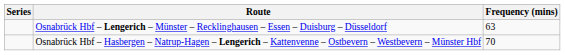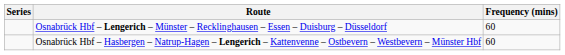 <table class="wikitable vatop">
 <tr>
 <th>Series</th>
 <th>Route</th>
 <th>Frequency (mins)</th>
 </tr>
 <tr>
 <td></td>
 <td><a href='#'>Osnabrück Hbf</a> – <strong>Lengerich</strong> – <a href='#'>Münster</a> – <a href='#'>Recklinghausen</a> – <a href='#'>Essen</a> – <a href='#'>Duisburg</a> – <a href='#'>Düsseldorf</a></td>
-<td>63</td>
+<td>60</td>
 </tr>
 <tr>
 <td></td>
 <td>Osnabrück Hbf – <a href='#'>Hasbergen</a> – <a href='#'>Natrup-Hagen</a> – <strong>Lengerich</strong> – <a href='#'>Kattenvenne</a> – <a href='#'>Ostbevern</a> – <a href='#'>Westbevern</a> – <a href='#'>Münster Hbf</a></td>
-<td>70</td>
+<td>60</td>
 </tr>
 </table>
